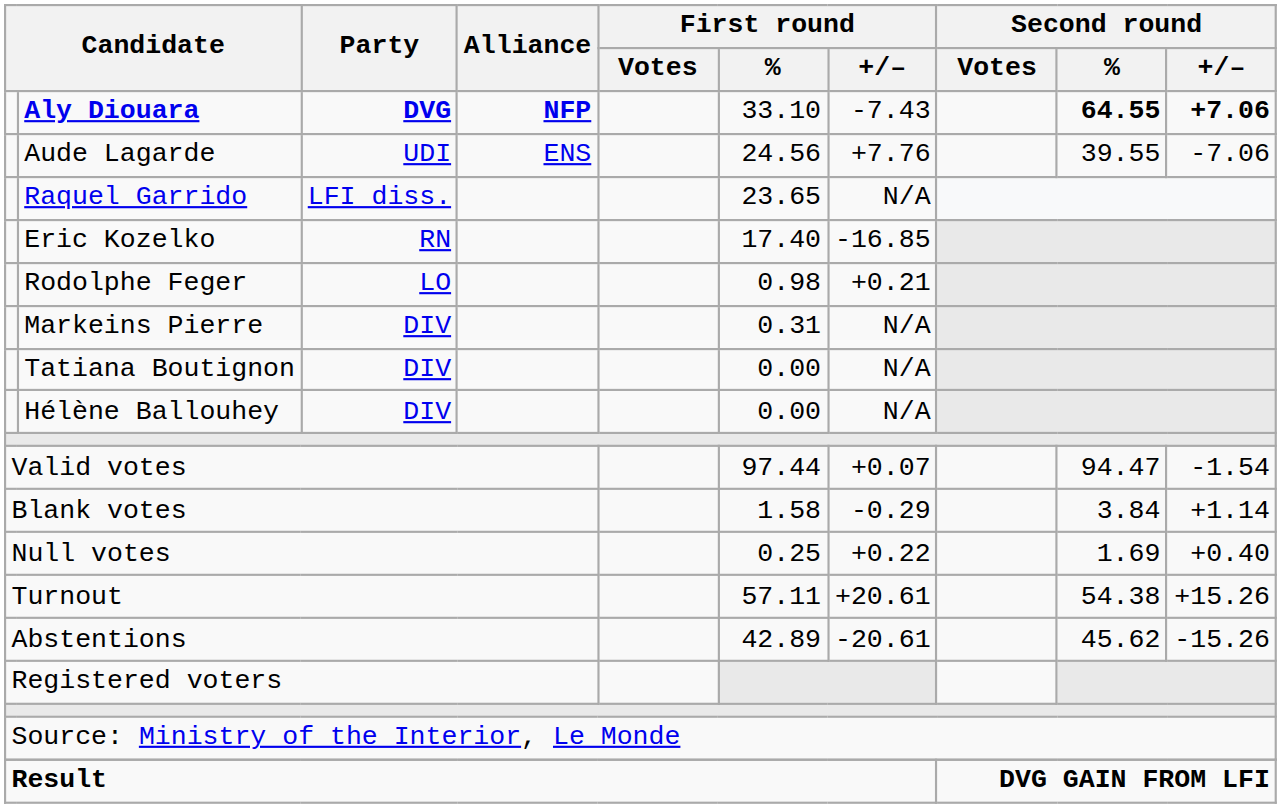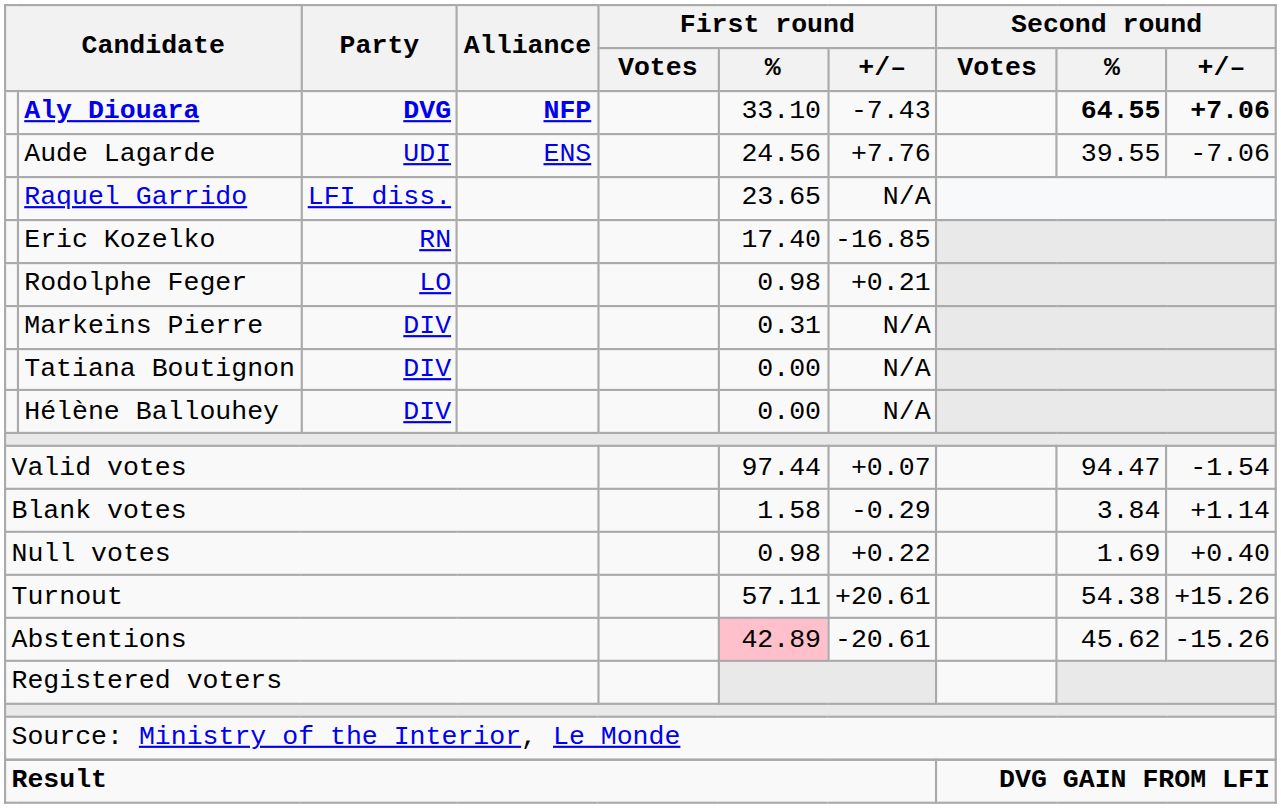 <table class="wikitable" style="text-align:right;font-size:95%;">
 <tr>
 <th rowspan="2" colspan="2">Candidate</th>
 <th rowspan="2">Party</th>
 <th rowspan="2">Alliance</th>
 <th colspan="3">First round</th>
 <th colspan="3">Second round</th>
 </tr>
 <tr>
 <th style="width:50px;">Votes</th>
 <th style="width:45px;">%</th>
 <th style="width:45px;">+/–</th>
 <th style="width:50px;">Votes</th>
 <th style="width:45px;">%</th>
 <th style="width:45px;">+/–</th>
 </tr>
 <tr>
 <td style="color:inherit;background:"></td>
 <td style="text-align:left;"><strong><a href='#'>Aly Diouara</a></strong></td>
 <td><a href='#'><strong>DVG</strong></a></td>
 <td><a href='#'><strong>NFP</strong></a></td>
 <td></td>
 <td>33.10</td>
 <td>-7.43</td>
 <td><strong></strong></td>
 <td><strong>64.55</strong></td>
 <td><strong>+7.06</strong></td>
 </tr>
 <tr>
 <td style="color:inherit;background:"></td>
 <td style="text-align:left;">Aude Lagarde</td>
 <td><a href='#'>UDI</a></td>
 <td><a href='#'>ENS</a></td>
 <td></td>
 <td>24.56</td>
 <td>+7.76</td>
 <td></td>
 <td>39.55</td>
 <td>-7.06</td>
 </tr>
 <tr>
 <td style="color:inherit;background:"></td>
 <td style="text-align:left;"><a href='#'>Raquel Garrido</a></td>
 <td><a href='#'>LFI diss.</a></td>
 <td></td>
 <td></td>
 <td>23.65</td>
 <td>N/A</td>
 <td colspan="3" style="background:#F8F9FA;"></td>
 </tr>
 <tr>
 <td style="color:inherit;background:"></td>
 <td style="text-align:left;">Eric Kozelko</td>
 <td><a href='#'>RN</a></td>
 <td></td>
 <td></td>
 <td>17.40</td>
 <td>-16.85</td>
 <td colspan="3" style="background:#E9E9E9;"></td>
 </tr>
 <tr>
 <td style="color:inherit;background:"></td>
 <td style="text-align:left;">Rodolphe Feger</td>
 <td><a href='#'>LO</a></td>
 <td></td>
 <td></td>
 <td>0.98</td>
 <td>+0.21</td>
 <td colspan="3" style="background:#E9E9E9;"></td>
 </tr>
 <tr>
 <td style="color:inherit;background:"></td>
 <td style="text-align:left;">Markeins Pierre</td>
 <td><a href='#'>DIV</a></td>
 <td></td>
 <td></td>
 <td>0.31</td>
 <td>N/A</td>
 <td colspan="3" style="background:#E9E9E9;"></td>
 </tr>
 <tr>
 <td style="color:inherit;background:"></td>
 <td style="text-align:left;">Tatiana Boutignon</td>
 <td><a href='#'>DIV</a></td>
 <td></td>
 <td></td>
 <td>0.00</td>
 <td>N/A</td>
 <td colspan="3" style="background:#E9E9E9;"></td>
 </tr>
 <tr>
 <td style="color:inherit;background:"></td>
 <td style="text-align:left;">Hélène Ballouhey</td>
 <td><a href='#'>DIV</a></td>
 <td></td>
 <td></td>
 <td>0.00</td>
 <td>N/A</td>
 <td colspan="3" style="background:#E9E9E9;"></td>
 </tr>
 <tr>
 <td colspan="10" style="background:#E9E9E9;"></td>
 </tr>
 <tr>
 <td colspan="4" style="text-align:left;">Valid votes</td>
 <td></td>
 <td>97.44</td>
 <td>+0.07</td>
 <td></td>
 <td>94.47</td>
 <td>-1.54</td>
 </tr>
 <tr>
 <td colspan="4" style="text-align:left;">Blank votes</td>
 <td></td>
 <td>1.58</td>
 <td>-0.29</td>
 <td></td>
 <td>3.84</td>
 <td>+1.14</td>
 </tr>
 <tr>
 <td colspan="4" style="text-align:left;">Null votes</td>
 <td></td>
-<td>0.25</td>
+<td>0.98</td>
 <td>+0.22</td>
 <td></td>
 <td>1.69</td>
 <td>+0.40</td>
 </tr>
 <tr>
 <td colspan="4" style="text-align:left;">Turnout</td>
 <td></td>
 <td>57.11</td>
 <td>+20.61</td>
 <td></td>
 <td>54.38</td>
 <td>+15.26</td>
 </tr>
 <tr>
 <td colspan="4" style="text-align:left;">Abstentions</td>
 <td></td>
-<td>42.89</td>
+<td style="background: pink;">42.89</td>
 <td>-20.61</td>
 <td></td>
 <td>45.62</td>
 <td>-15.26</td>
 </tr>
 <tr>
 <td colspan="4" style="text-align:left;">Registered voters</td>
 <td></td>
 <td colspan="2" style="background:#E9E9E9;"></td>
 <td></td>
 <td colspan="2" style="background:#E9E9E9;"></td>
 </tr>
 <tr>
 <td colspan="10" style="background:#E9E9E9;"></td>
 </tr>
 <tr>
 <td colspan="10" style="text-align:left;">Source: <a href='#'>Ministry of the Interior</a>, <a href='#'>Le Monde</a></td>
 </tr>
 <tr>
 </tr>
 <tr style="font-weight:bold">
 <td colspan="7" style="text-align:left;">Result</td>
 <td colspan="7" style="background-color:">DVG GAIN FROM LFI</td>
 </tr>
 </table>
